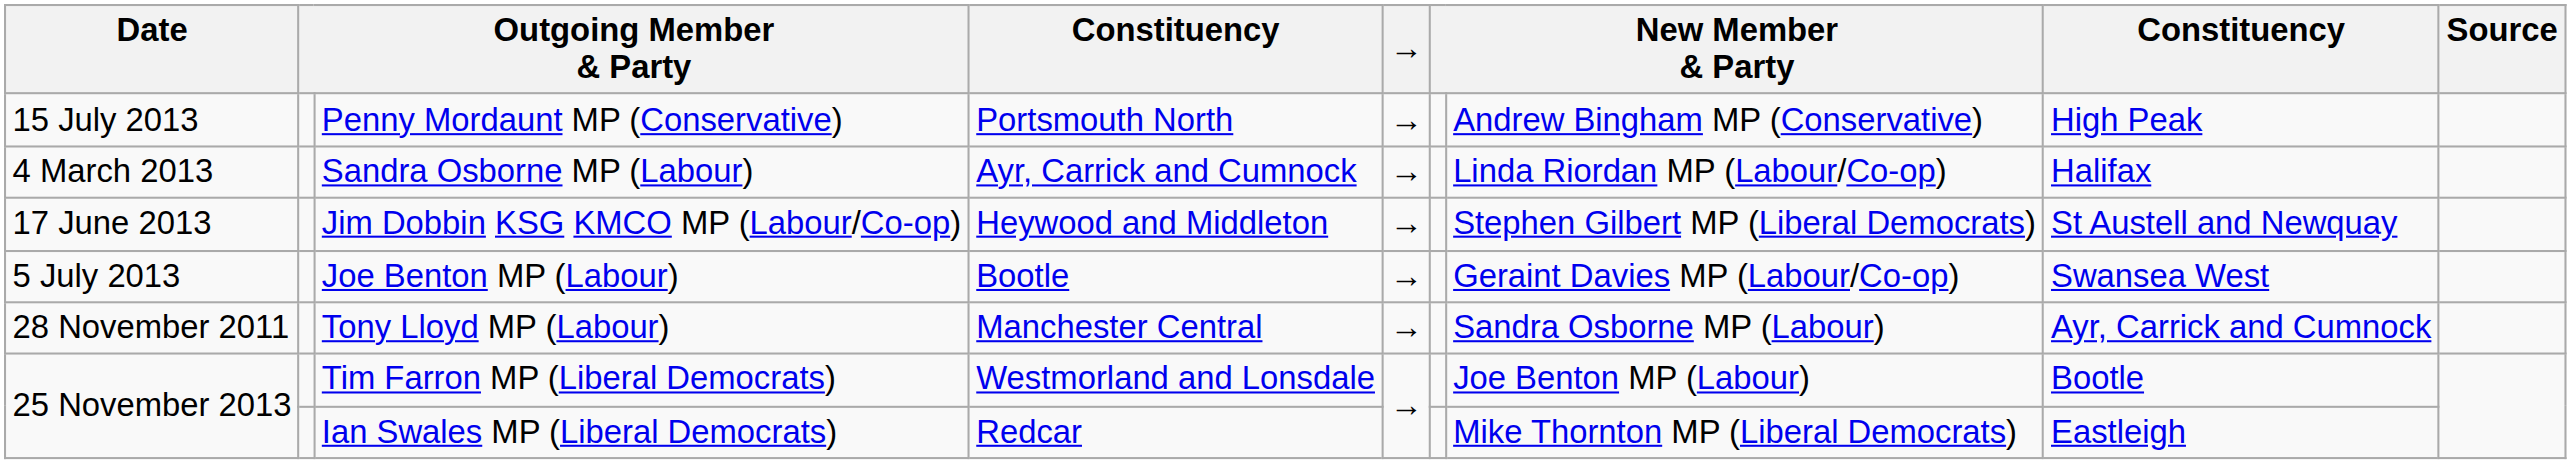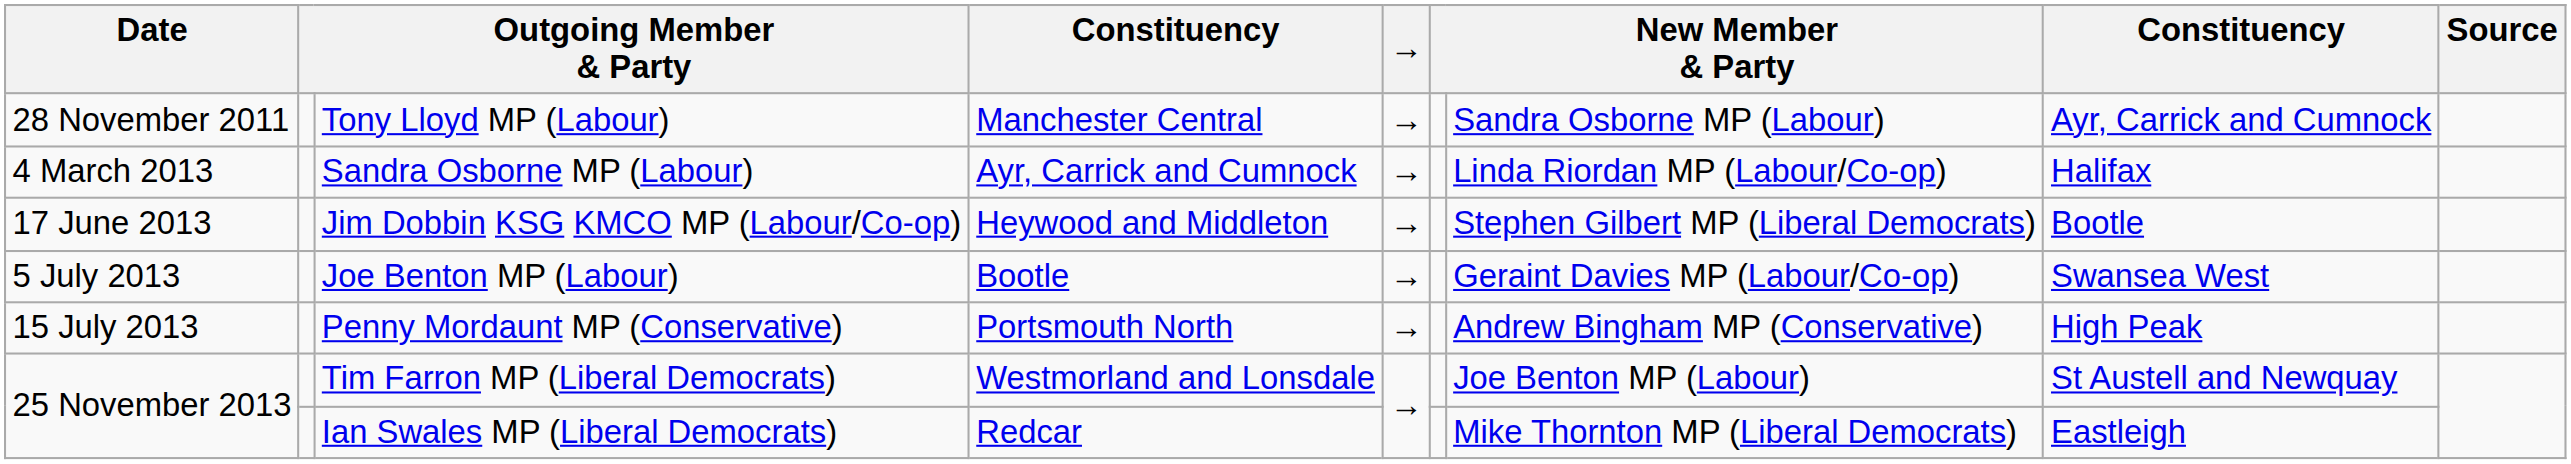 <table class="wikitable">
 <tr>
 <th valign="top">Date</th>
 <th colspan="2" valign="top">Outgoing Member<br>& Party</th>
 <th valign="top">Constituency</th>
 <th>→</th>
 <th colspan="2" valign="top">New Member<br>& Party</th>
 <th valign="top">Constituency</th>
 <th valign="top">Source</th>
 </tr>
 <tr>
-<td>15 July 2013</td>
+<td nowrap>28 November 2011</td>
 <td style="color:inherit;background:"></td>
-<td><a href='#'>Penny Mordaunt</a> MP (<a href='#'>Conservative</a>)</td>
-<td><a href='#'>Portsmouth North</a></td>
+<td><a href='#'>Tony Lloyd</a> MP (<a href='#'>Labour</a>)</td>
+<td><a href='#'>Manchester Central</a></td>
 <td>→</td>
 <td style="color:inherit;background:"></td>
-<td><a href='#'>Andrew Bingham</a> MP (<a href='#'>Conservative</a>)</td>
-<td><a href='#'>High Peak</a></td>
+<td><a href='#'>Sandra Osborne</a> MP (<a href='#'>Labour</a>)</td>
+<td><a href='#'>Ayr, Carrick and Cumnock</a></td>
 <td></td>
 </tr>
 <tr>
 <td>4 March 2013</td>
 <td style="color:inherit;background:"></td>
 <td><a href='#'>Sandra Osborne</a> MP (<a href='#'>Labour</a>)</td>
 <td><a href='#'>Ayr, Carrick and Cumnock</a></td>
 <td>→</td>
 <td style="color:inherit;background:"></td>
 <td><a href='#'>Linda Riordan</a> MP (<a href='#'>Labour</a>/<a href='#'>Co-op</a>)</td>
 <td><a href='#'>Halifax</a></td>
 <td></td>
 </tr>
 <tr>
 <td>17 June 2013</td>
 <td style="color:inherit;background:"></td>
 <td><a href='#'>Jim Dobbin</a> <a href='#'>KSG</a> <a href='#'>KMCO</a> MP (<a href='#'>Labour</a>/<a href='#'>Co-op</a>)</td>
 <td><a href='#'>Heywood and Middleton</a></td>
 <td>→</td>
 <td style="color:inherit;background:"></td>
 <td><a href='#'>Stephen Gilbert</a> MP (<a href='#'>Liberal Democrats</a>)</td>
-<td><a href='#'>St Austell and Newquay</a></td>
+<td><a href='#'>Bootle</a></td>
 <td></td>
 </tr>
 <tr>
 <td>5 July 2013</td>
 <td style="color:inherit;background:"></td>
 <td><a href='#'>Joe Benton</a> MP (<a href='#'>Labour</a>)</td>
 <td><a href='#'>Bootle</a></td>
 <td>→</td>
 <td style="color:inherit;background:"></td>
 <td><a href='#'>Geraint Davies</a> MP (<a href='#'>Labour</a>/<a href='#'>Co-op</a>)</td>
 <td><a href='#'>Swansea West</a></td>
 <td></td>
 </tr>
 <tr>
-<td nowrap>28 November 2011</td>
+<td>15 July 2013</td>
 <td style="color:inherit;background:"></td>
-<td><a href='#'>Tony Lloyd</a> MP (<a href='#'>Labour</a>)</td>
-<td><a href='#'>Manchester Central</a></td>
+<td><a href='#'>Penny Mordaunt</a> MP (<a href='#'>Conservative</a>)</td>
+<td><a href='#'>Portsmouth North</a></td>
 <td>→</td>
 <td style="color:inherit;background:"></td>
-<td><a href='#'>Sandra Osborne</a> MP (<a href='#'>Labour</a>)</td>
-<td><a href='#'>Ayr, Carrick and Cumnock</a></td>
+<td><a href='#'>Andrew Bingham</a> MP (<a href='#'>Conservative</a>)</td>
+<td><a href='#'>High Peak</a></td>
 <td></td>
 </tr>
 <tr>
 <td rowspan=2>25 November 2013</td>
 <td style="color:inherit;background:"></td>
 <td><a href='#'>Tim Farron</a> MP (<a href='#'>Liberal Democrats</a>)</td>
 <td><a href='#'>Westmorland and Lonsdale</a></td>
 <td rowspan=2>→</td>
 <td style="color:inherit;background:"></td>
 <td><a href='#'>Joe Benton</a> MP (<a href='#'>Labour</a>)</td>
-<td><a href='#'>Bootle</a></td>
+<td><a href='#'>St Austell and Newquay</a></td>
 <td rowspan=2></td>
 </tr>
 <tr>
 <td style="color:inherit;background:"></td>
 <td><a href='#'>Ian Swales</a> MP (<a href='#'>Liberal Democrats</a>)</td>
 <td><a href='#'>Redcar</a></td>
 <td style="color:inherit;background:"></td>
 <td><a href='#'>Mike Thornton</a> MP (<a href='#'>Liberal Democrats</a>)</td>
 <td><a href='#'>Eastleigh</a></td>
 </tr>
 </table>
